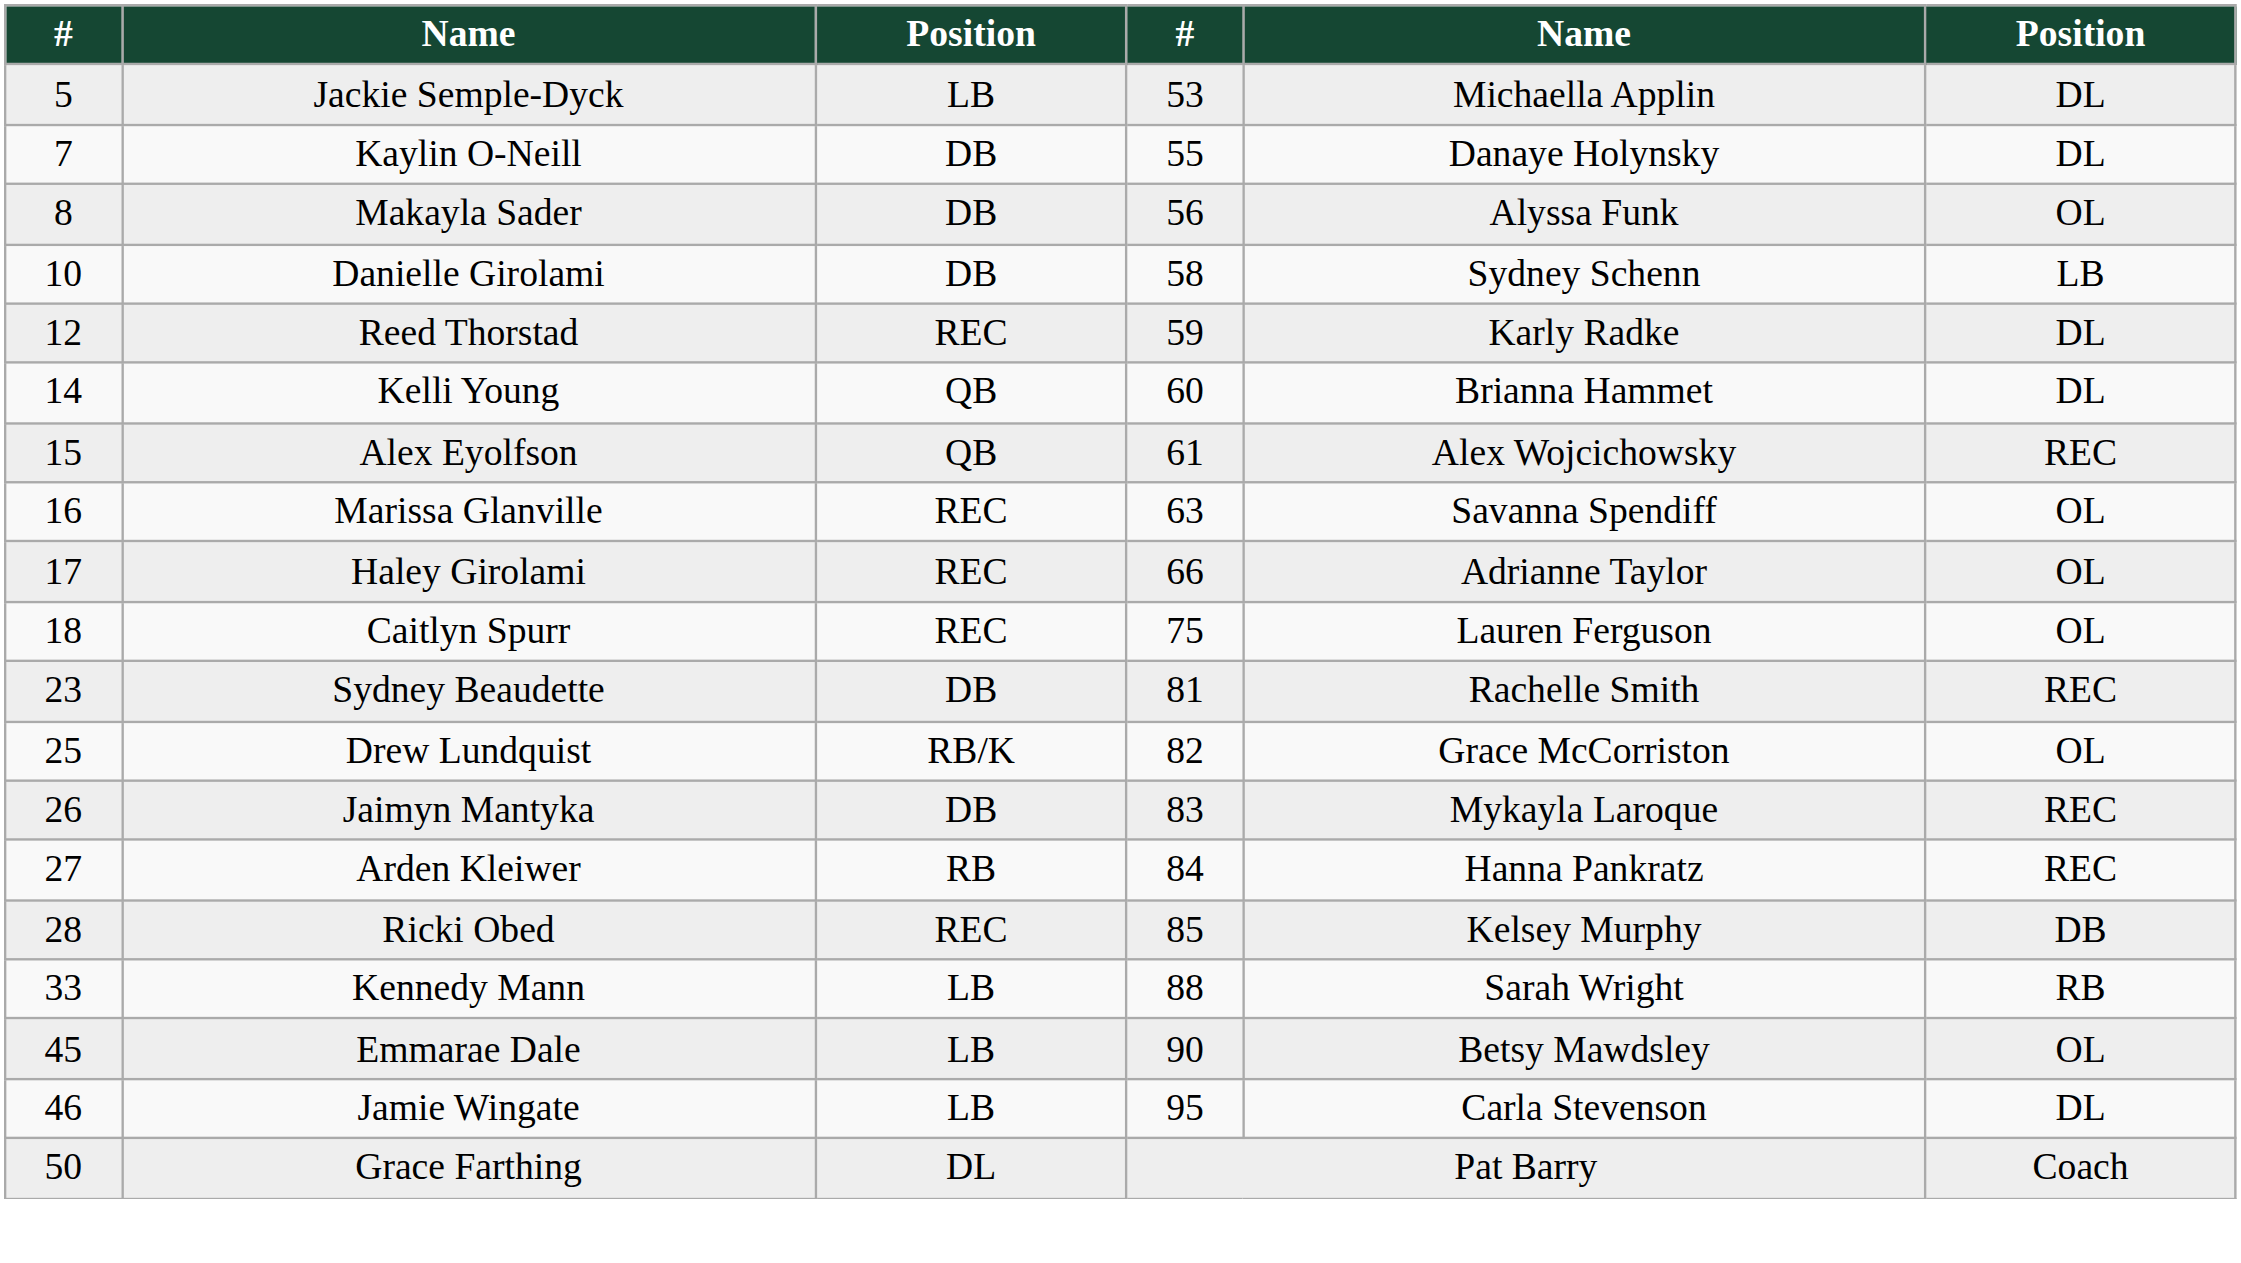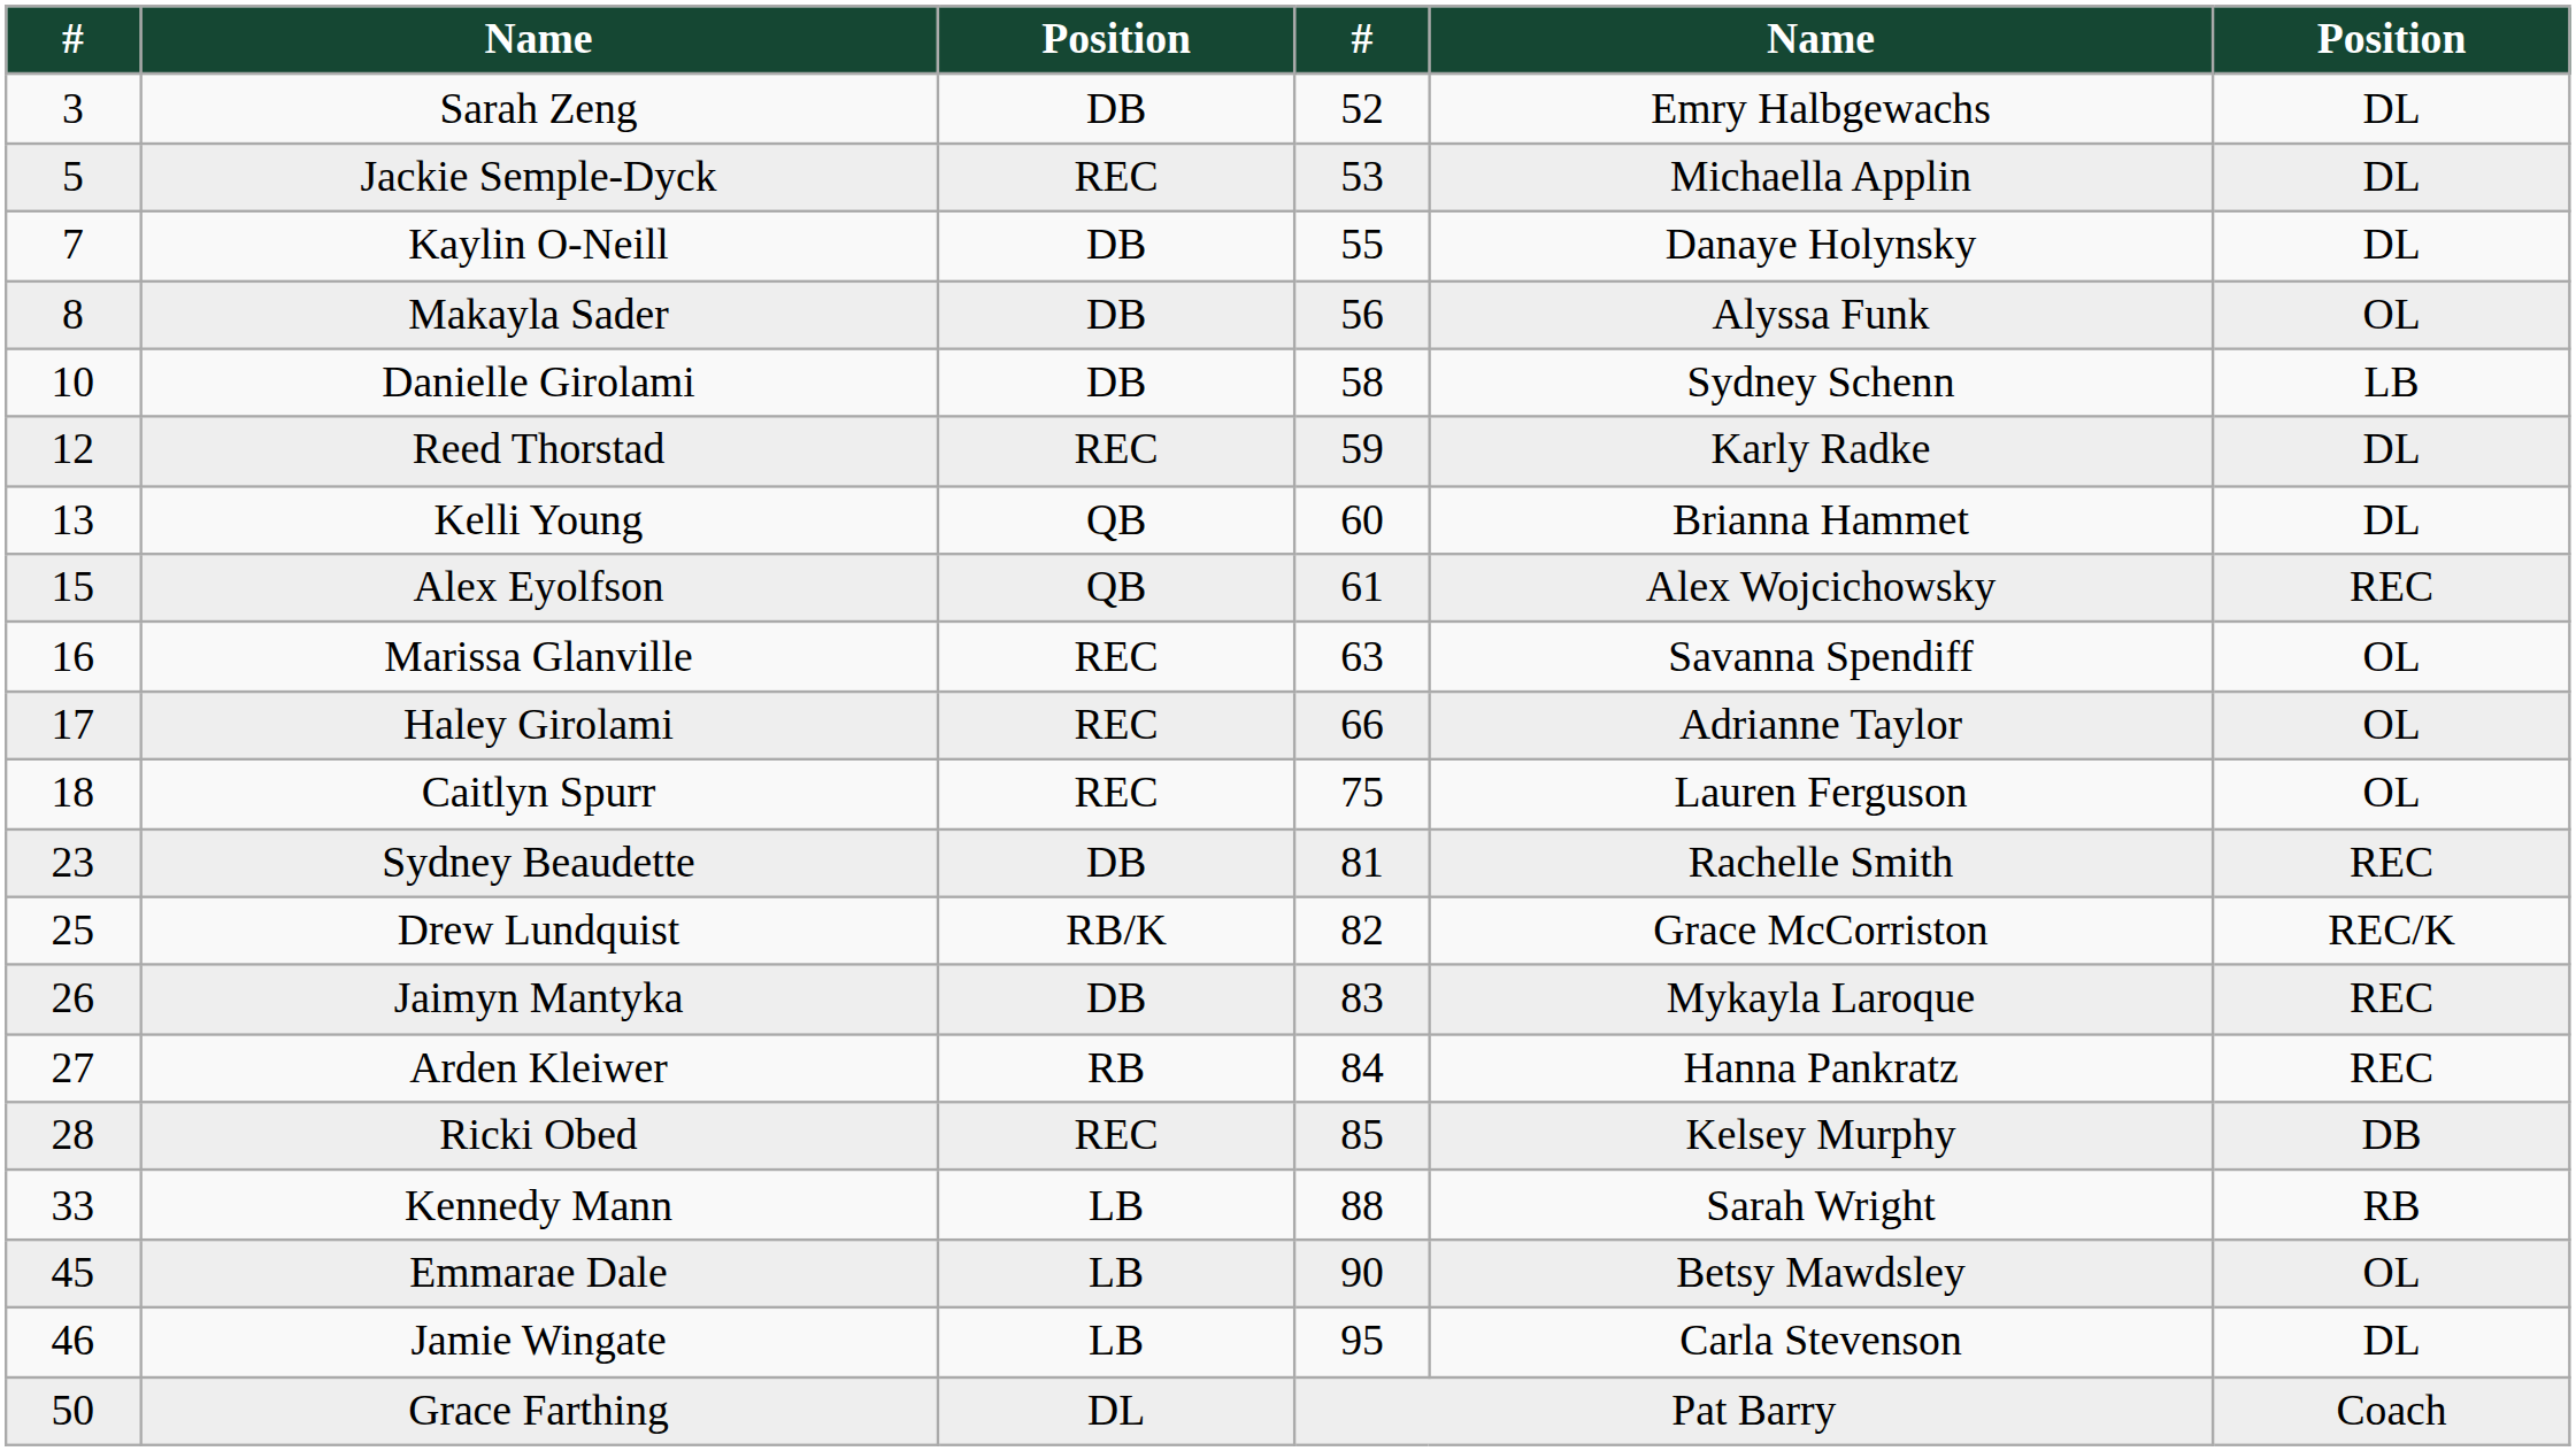 <table class="wikitable" style="width:60%;">
 <tr style="text-align:center; background:#154733; color:#FFFFFF;">
 <td><strong>#</strong></td>
 <td><strong>Name</strong></td>
 <td><strong>Position</strong></td>
 <td><strong>#</strong></td>
 <td><strong>Name</strong></td>
 <td><strong>Position</strong></td>
 </tr>
+<tr style="text-align:center">
+<td>3</td>
+<td>Sarah Zeng</td>
+<td>DB</td>
+<td>52</td>
+<td>Emry Halbgewachs</td>
+<td>DL</td>
+</tr>
 <tr style="text-align:center" bgcolor="#eeeeee">
 <td>5</td>
 <td>Jackie Semple-Dyck</td>
-<td>LB</td>
+<td>REC</td>
 <td>53</td>
 <td>Michaella Applin</td>
 <td>DL</td>
 </tr>
 <tr style="text-align:center">
 <td>7</td>
 <td>Kaylin O-Neill</td>
 <td>DB</td>
 <td>55</td>
 <td>Danaye Holynsky</td>
 <td>DL</td>
 </tr>
 <tr style="text-align:center" bgcolor="#eeeeee">
 <td>8</td>
 <td>Makayla Sader</td>
 <td>DB</td>
 <td>56</td>
 <td>Alyssa Funk</td>
 <td>OL</td>
 </tr>
 <tr style="text-align:center">
 <td>10</td>
 <td>Danielle Girolami</td>
 <td>DB</td>
 <td>58</td>
 <td>Sydney Schenn</td>
 <td>LB</td>
 </tr>
 <tr style="text-align:center" bgcolor="#eeeeee">
 <td>12</td>
 <td>Reed Thorstad</td>
 <td>REC</td>
 <td>59</td>
 <td>Karly Radke</td>
 <td>DL</td>
 </tr>
 <tr style="text-align:center">
-<td>14</td>
+<td>13</td>
 <td>Kelli Young</td>
 <td>QB</td>
 <td>60</td>
 <td>Brianna Hammet</td>
 <td>DL</td>
 </tr>
 <tr style="text-align:center" bgcolor="#eeeeee">
 <td>15</td>
 <td>Alex Eyolfson</td>
 <td>QB</td>
 <td>61</td>
 <td>Alex Wojcichowsky</td>
 <td>REC</td>
 </tr>
 <tr style="text-align:center">
 <td>16</td>
 <td>Marissa Glanville</td>
 <td>REC</td>
 <td>63</td>
 <td>Savanna Spendiff</td>
 <td>OL</td>
 </tr>
 <tr style="text-align:center" bgcolor="#eeeeee">
 <td>17</td>
 <td>Haley Girolami</td>
 <td>REC</td>
 <td>66</td>
 <td>Adrianne Taylor</td>
 <td>OL</td>
 </tr>
 <tr style="text-align:center">
 <td>18</td>
 <td>Caitlyn Spurr</td>
 <td>REC</td>
 <td>75</td>
 <td>Lauren Ferguson</td>
 <td>OL</td>
 </tr>
 <tr style="text-align:center" bgcolor="#eeeeee">
 <td>23</td>
 <td>Sydney Beaudette</td>
 <td>DB</td>
 <td>81</td>
 <td>Rachelle Smith</td>
 <td>REC</td>
 </tr>
 <tr style="text-align:center">
 <td>25</td>
 <td>Drew Lundquist</td>
 <td>RB/K</td>
 <td>82</td>
 <td>Grace McCorriston</td>
-<td>OL</td>
+<td>REC/K</td>
 </tr>
 <tr style="text-align:center" bgcolor="#eeeeee">
 <td>26</td>
 <td>Jaimyn Mantyka</td>
 <td>DB</td>
 <td>83</td>
 <td>Mykayla Laroque</td>
 <td>REC</td>
 </tr>
 <tr style="text-align:center">
 <td>27</td>
 <td>Arden Kleiwer</td>
 <td>RB</td>
 <td>84</td>
 <td>Hanna Pankratz</td>
 <td>REC</td>
 </tr>
 <tr style="text-align:center" bgcolor="#eeeeee">
 <td>28</td>
 <td>Ricki Obed</td>
 <td>REC</td>
 <td>85</td>
 <td>Kelsey Murphy</td>
 <td>DB</td>
 </tr>
 <tr style="text-align:center">
 <td>33</td>
 <td>Kennedy Mann</td>
 <td>LB</td>
 <td>88</td>
 <td>Sarah Wright</td>
 <td>RB</td>
 </tr>
 <tr style="text-align:center" bgcolor="#eeeeee">
 <td>45</td>
 <td>Emmarae Dale</td>
 <td>LB</td>
 <td>90</td>
 <td>Betsy Mawdsley</td>
 <td>OL</td>
 </tr>
 <tr style="text-align:center">
 <td>46</td>
 <td>Jamie Wingate</td>
 <td>LB</td>
 <td>95</td>
 <td>Carla Stevenson</td>
 <td>DL</td>
 </tr>
 <tr style="text-align:center" bgcolor="#eeeeee">
 <td>50</td>
 <td>Grace Farthing</td>
 <td>DL</td>
 <td colspan="2">Pat Barry</td>
 <td>Coach</td>
 </tr>
 </table>
